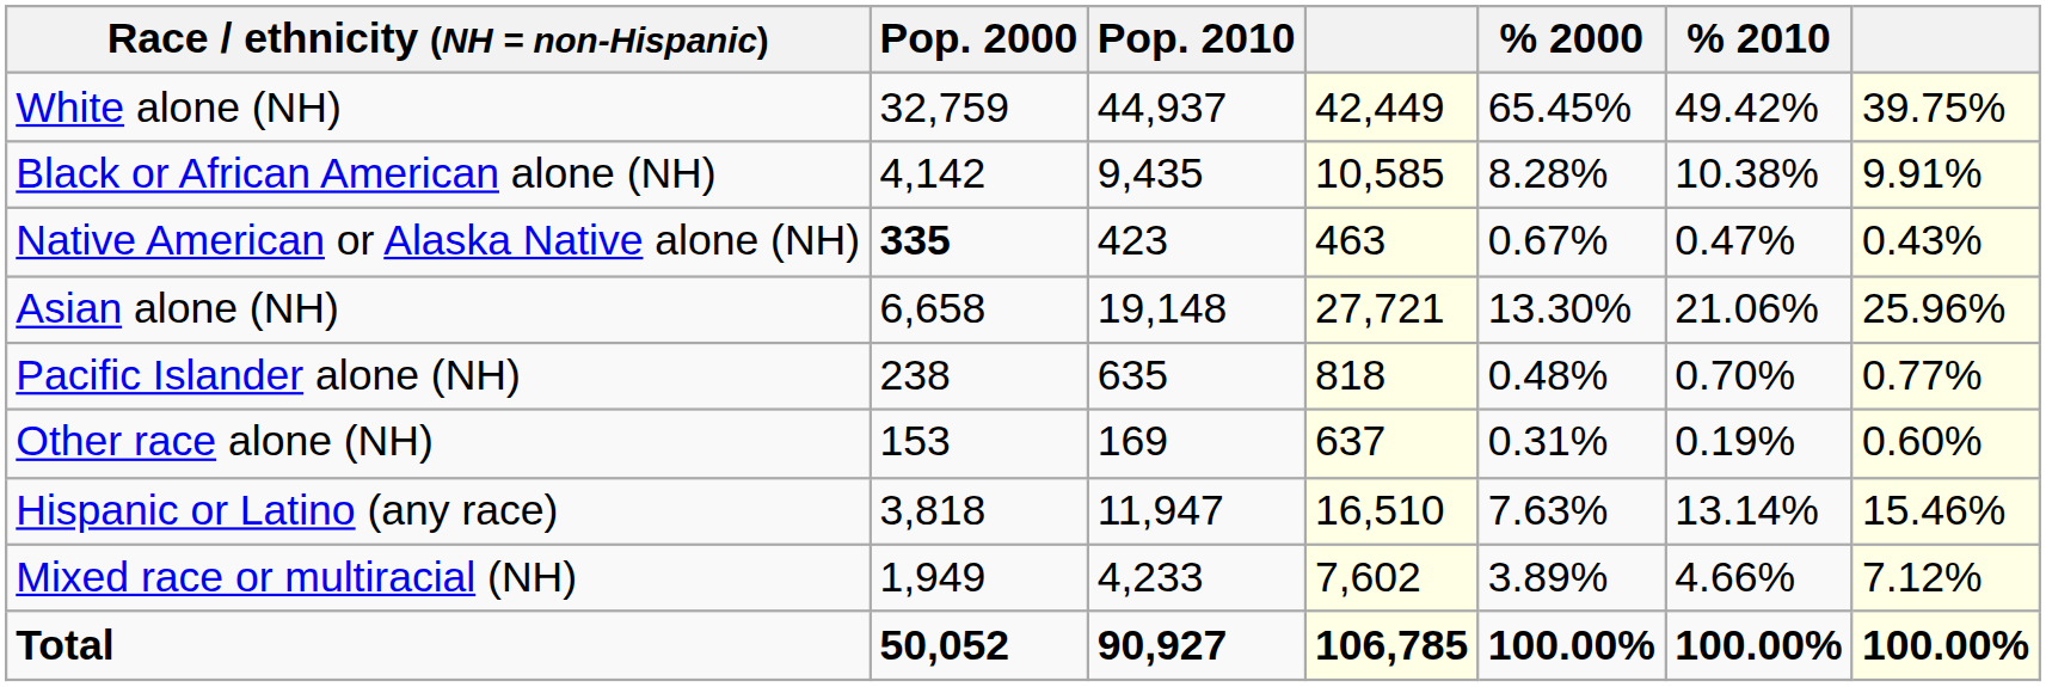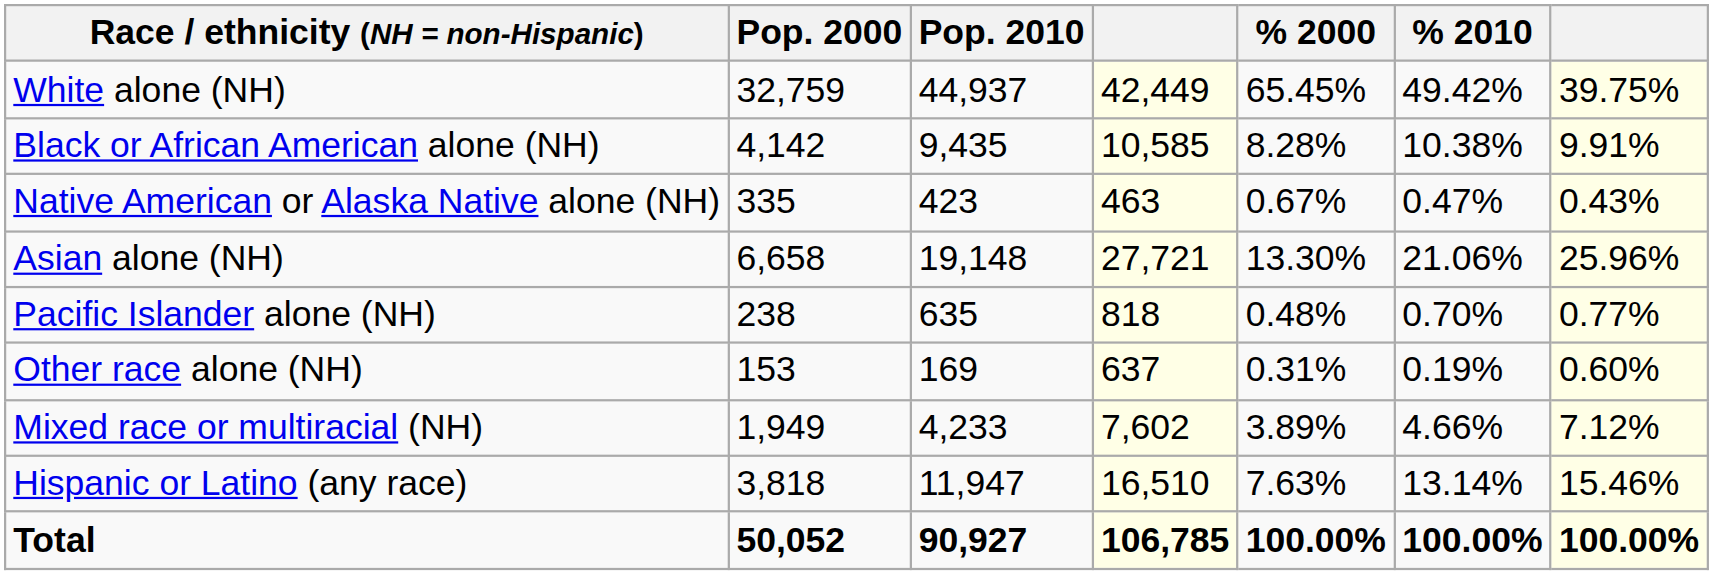 <table class="wikitable">
 <tr>
 <th>Race / ethnicity <small>(<em>NH = non-Hispanic</em>)</small></th>
 <th>Pop. 2000</th>
 <th>Pop. 2010</th>
 <th></th>
 <th>% 2000</th>
 <th>% 2010</th>
 <th></th>
 </tr>
 <tr>
 <td><a href='#'>White</a> alone (NH)</td>
 <td>32,759</td>
 <td>44,937</td>
 <td style='background: #ffffe6;'>42,449</td>
 <td>65.45%</td>
 <td>49.42%</td>
 <td style='background: #ffffe6;'>39.75%</td>
 </tr>
 <tr>
 <td><a href='#'>Black or African American</a> alone (NH)</td>
 <td>4,142</td>
 <td>9,435</td>
 <td style='background: #ffffe6;'>10,585</td>
 <td>8.28%</td>
 <td>10.38%</td>
 <td style='background: #ffffe6;'>9.91%</td>
 </tr>
 <tr>
 <td><a href='#'>Native American</a> or <a href='#'>Alaska Native</a> alone (NH)</td>
-<td><strong>335</strong></td>
+<td>335</td>
 <td>423</td>
 <td style='background: #ffffe6;'>463</td>
 <td>0.67%</td>
 <td>0.47%</td>
 <td style='background: #ffffe6;'>0.43%</td>
 </tr>
 <tr>
 <td><a href='#'>Asian</a> alone (NH)</td>
 <td>6,658</td>
 <td>19,148</td>
 <td style='background: #ffffe6;'>27,721</td>
 <td>13.30%</td>
 <td>21.06%</td>
 <td style='background: #ffffe6;'>25.96%</td>
 </tr>
 <tr>
 <td><a href='#'>Pacific Islander</a> alone (NH)</td>
 <td>238</td>
 <td>635</td>
 <td style='background: #ffffe6;'>818</td>
 <td>0.48%</td>
 <td>0.70%</td>
 <td style='background: #ffffe6;'>0.77%</td>
 </tr>
 <tr>
 <td><a href='#'>Other race</a> alone (NH)</td>
 <td>153</td>
 <td>169</td>
 <td style='background: #ffffe6;'>637</td>
 <td>0.31%</td>
 <td>0.19%</td>
 <td style='background: #ffffe6;'>0.60%</td>
 </tr>
 <tr>
+<td><a href='#'>Mixed race or multiracial</a> (NH)</td>
+<td>1,949</td>
+<td>4,233</td>
+<td style='background: #ffffe6;'>7,602</td>
+<td>3.89%</td>
+<td>4.66%</td>
+<td style='background: #ffffe6;'>7.12%</td>
+</tr>
+<tr>
 <td><a href='#'>Hispanic or Latino</a> (any race)</td>
 <td>3,818</td>
 <td>11,947</td>
 <td style='background: #ffffe6;'>16,510</td>
 <td>7.63%</td>
 <td>13.14%</td>
 <td style='background: #ffffe6;'>15.46%</td>
-</tr>
-<tr>
-<td><a href='#'>Mixed race or multiracial</a> (NH)</td>
-<td>1,949</td>
-<td>4,233</td>
-<td style='background: #ffffe6;'>7,602</td>
-<td>3.89%</td>
-<td>4.66%</td>
-<td style='background: #ffffe6;'>7.12%</td>
 </tr>
 <tr>
 <td><strong>Total</strong></td>
 <td><strong>50,052</strong></td>
 <td><strong>90,927</strong></td>
 <td style='background: #ffffe6;'><strong>106,785</strong></td>
 <td><strong>100.00%</strong></td>
 <td><strong>100.00%</strong></td>
 <td style='background: #ffffe6;'><strong>100.00%</strong></td>
 </tr>
 </table>
